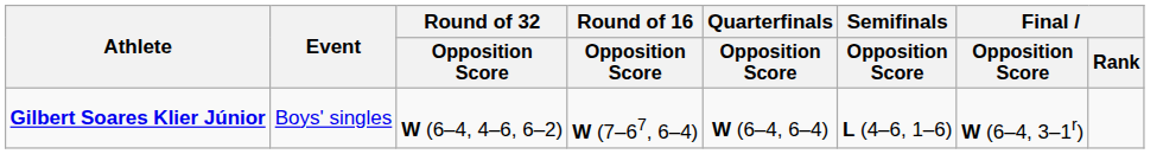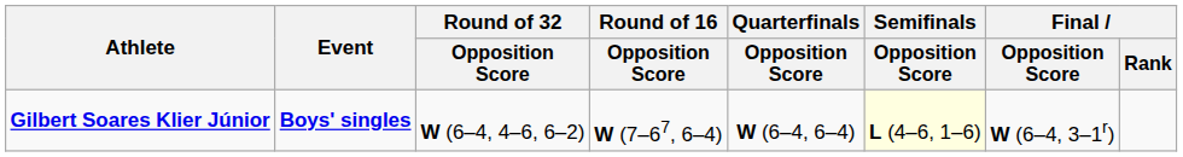 <table class=wikitable style="font-size:90%">
 <tr>
 <th rowspan=2>Athlete</th>
 <th rowspan=2>Event</th>
 <th>Round of 32</th>
 <th>Round of 16</th>
 <th>Quarterfinals</th>
 <th>Semifinals</th>
 <th colspan=2>Final / </th>
 </tr>
 <tr style="font-size:95%">
 <th>Opposition<br>Score</th>
 <th>Opposition<br>Score</th>
 <th>Opposition<br>Score</th>
 <th>Opposition<br>Score</th>
 <th>Opposition<br>Score</th>
 <th>Rank</th>
 </tr>
 <tr align=center>
 <td align=left><strong><a href='#'>Gilbert Soares Klier Júnior</a></strong></td>
-<td align=left><a href='#'>Boys' singles</a></td>
+<td align=left><strong><a href='#'>Boys' singles</a></strong></td>
 <td><br><strong>W</strong> (6–4, 4–6, 6–2)</td>
 <td><br><strong>W</strong> (7–6<sup>7</sup>, 6–4)</td>
 <td><br><strong>W</strong> (6–4, 6–4)</td>
-<td><br><strong>L</strong> (4–6, 1–6)</td>
+<td style="background: lightyellow;"><br><strong>L</strong> (4–6, 1–6)</td>
 <td><br><strong>W</strong> (6–4, 3–1<sup>r</sup>)</td>
 <td></td>
 </tr>
 </table>
